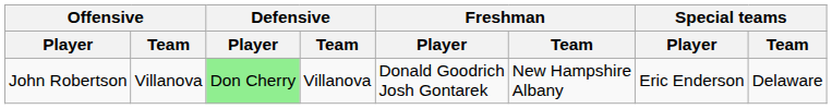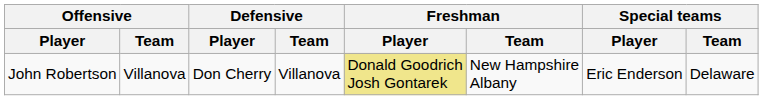 <table class="wikitable" border="1">
 <tr>
 <th colspan="2">Offensive</th>
 <th colspan="2">Defensive</th>
 <th colspan="2">Freshman</th>
 <th colspan="2">Special teams</th>
 </tr>
 <tr>
 <th>Player</th>
 <th>Team</th>
 <th>Player</th>
 <th>Team</th>
 <th>Player</th>
 <th>Team</th>
 <th>Player</th>
 <th>Team</th>
 </tr>
 <tr>
 <td>John Robertson</td>
 <td>Villanova</td>
-<td style="background: lightgreen;">Don Cherry</td>
+<td>Don Cherry</td>
 <td>Villanova</td>
-<td>Donald Goodrich<br>Josh Gontarek</td>
+<td style="background: khaki;">Donald Goodrich<br>Josh Gontarek</td>
 <td>New Hampshire<br>Albany</td>
 <td>Eric Enderson</td>
 <td>Delaware</td>
 </tr>
 </table>
